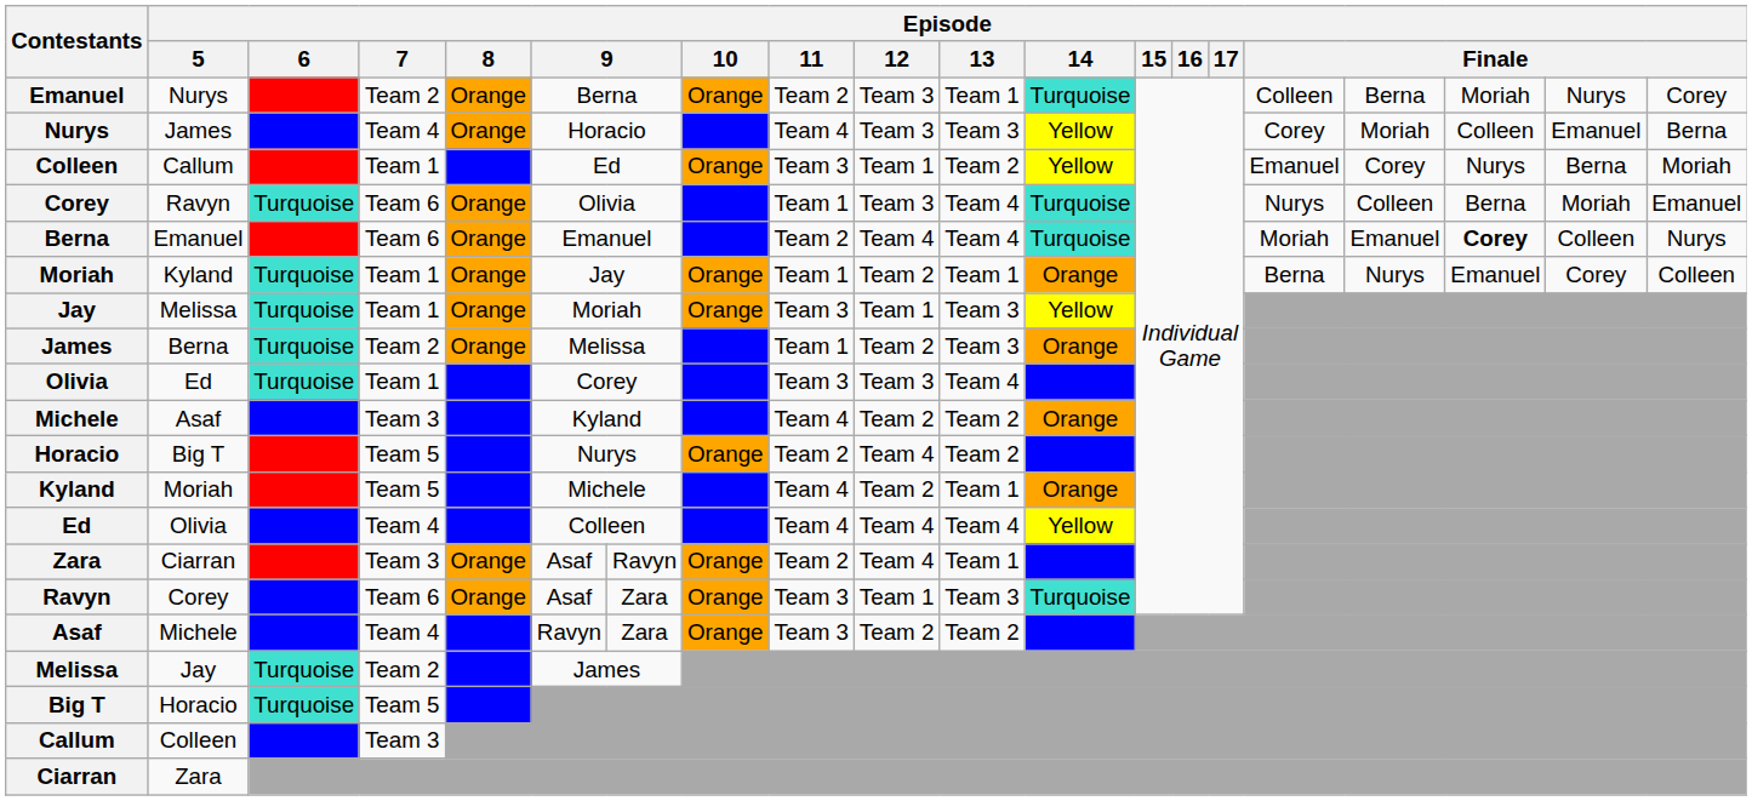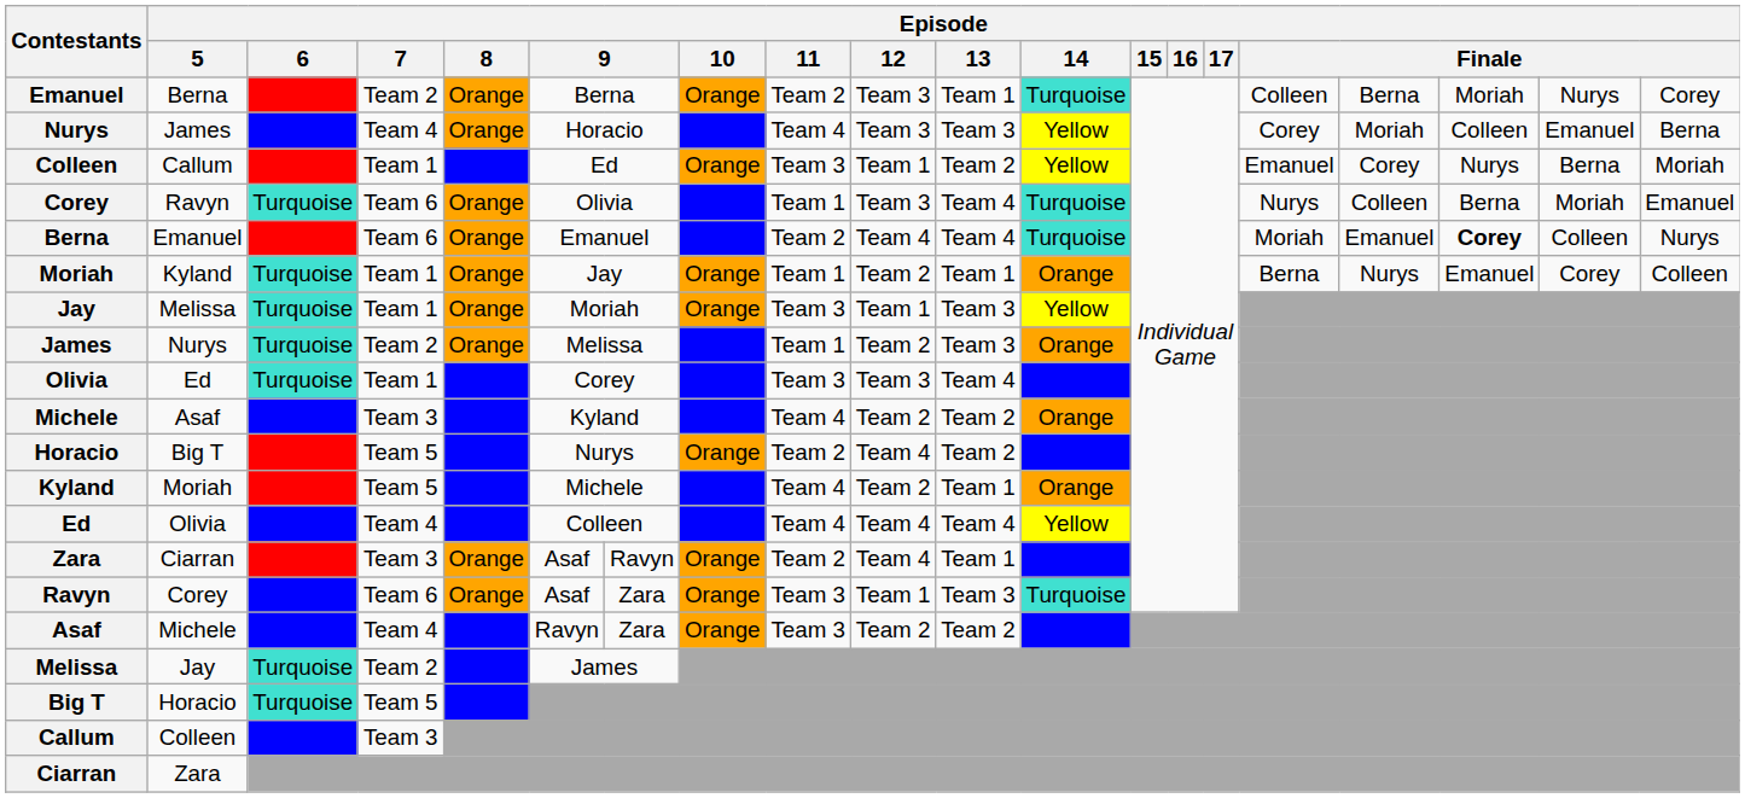 <table class="wikitable" style="text-align:center; font-size:85%; white-space:nowrap;">
 <tr>
 <th rowspan=2>Contestants</th>
 <th colspan="19">Episode</th>
 </tr>
 <tr>
 <th scope="col" style="width:50px;">5</th>
 <th scope="col" style="width:50px;">6</th>
 <th scope="col" style="width:50px;">7</th>
 <th scope="col" style="width:50px;">8</th>
 <th colspan=2 scope="col" style="width:50px;">9</th>
 <th scope="col" style="width:50px;">10</th>
 <th scope="col" style="width:50px;">11</th>
 <th scope="col" style="width:50px;">12</th>
 <th scope="col" style="width:50px;">13</th>
 <th scope="col" style="width:50px;">14</th>
 <th>15</th>
 <th>16</th>
 <th>17</th>
 <th colspan="5">Finale</th>
 </tr>
 <tr>
 <th>Emanuel</th>
-<td>Nurys</td>
+<td>Berna</td>
 <td bgcolor="red" colspan="1"></td>
 <td>Team 2</td>
 <td bgcolor="#FFA500" colspan="1">Orange</td>
 <td colspan="2">Berna</td>
 <td bgcolor="#FFA500" colspan="1">Orange</td>
 <td>Team 2</td>
 <td>Team 3</td>
 <td>Team 1</td>
 <td bgcolor="turquoise" colspan="1">Turquoise</td>
 <td rowspan="15" colspan="3"><em>Individual<br>Game</em></td>
 <td>Colleen</td>
 <td>Berna</td>
 <td>Moriah</td>
 <td>Nurys</td>
 <td>Corey</td>
 </tr>
 <tr>
 <th>Nurys</th>
 <td>James</td>
 <td bgcolor="blue" colspan="1"></td>
 <td>Team 4</td>
 <td bgcolor="#FFA500" colspan="1">Orange</td>
 <td colspan="2">Horacio</td>
 <td bgcolor="blue" colspan="1"></td>
 <td>Team 4</td>
 <td>Team 3</td>
 <td>Team 3</td>
 <td bgcolor="yellow" colspan="1">Yellow</td>
 <td>Corey</td>
 <td>Moriah</td>
 <td>Colleen</td>
 <td>Emanuel</td>
 <td>Berna</td>
 </tr>
 <tr>
 <th>Colleen</th>
 <td>Callum</td>
 <td bgcolor="red" colspan="1"></td>
 <td>Team 1</td>
 <td bgcolor="blue" colspan="1"></td>
 <td colspan="2">Ed</td>
 <td bgcolor="#FFA500" colspan="1">Orange</td>
 <td>Team 3</td>
 <td>Team 1</td>
 <td>Team 2</td>
 <td bgcolor="yellow" colspan="1">Yellow</td>
 <td>Emanuel</td>
 <td>Corey</td>
 <td>Nurys</td>
 <td>Berna</td>
 <td>Moriah</td>
 </tr>
 <tr>
 <th>Corey</th>
 <td>Ravyn</td>
 <td bgcolor="turquoise" colspan="1">Turquoise</td>
 <td>Team 6</td>
 <td bgcolor="#FFA500" colspan="1">Orange</td>
 <td colspan="2">Olivia</td>
 <td bgcolor="blue" colspan="1"></td>
 <td>Team 1</td>
 <td>Team 3</td>
 <td>Team 4</td>
 <td bgcolor="turquoise" colspan="1">Turquoise</td>
 <td>Nurys</td>
 <td>Colleen</td>
 <td>Berna</td>
 <td>Moriah</td>
 <td>Emanuel</td>
 </tr>
 <tr>
 <th>Berna</th>
 <td>Emanuel</td>
 <td bgcolor="red" colspan="1"></td>
 <td>Team 6</td>
 <td bgcolor="#FFA500" colspan="1">Orange</td>
 <td colspan="2">Emanuel</td>
 <td bgcolor="blue" colspan="1"></td>
 <td>Team 2</td>
 <td>Team 4</td>
 <td>Team 4</td>
 <td bgcolor="turquoise" colspan="1">Turquoise</td>
 <td>Moriah</td>
 <td>Emanuel</td>
 <td><strong>Corey</strong></td>
 <td>Colleen</td>
 <td>Nurys</td>
 </tr>
 <tr>
 <th>Moriah</th>
 <td>Kyland</td>
 <td bgcolor="turquoise" colspan="1">Turquoise</td>
 <td>Team 1</td>
 <td bgcolor="#FFA500" colspan="1">Orange</td>
 <td colspan="2">Jay</td>
 <td bgcolor="#FFA500" colspan="1">Orange</td>
 <td>Team 1</td>
 <td>Team 2</td>
 <td>Team 1</td>
 <td bgcolor="#FFA500" colspan="1">Orange</td>
 <td>Berna</td>
 <td>Nurys</td>
 <td>Emanuel</td>
 <td>Corey</td>
 <td>Colleen</td>
 </tr>
 <tr>
 <th>Jay</th>
 <td>Melissa</td>
 <td bgcolor="turquoise" colspan="1">Turquoise</td>
 <td>Team 1</td>
 <td bgcolor="#FFA500" colspan="1">Orange</td>
 <td colspan="2">Moriah</td>
 <td bgcolor="#FFA500" colspan="1">Orange</td>
 <td>Team 3</td>
 <td>Team 1</td>
 <td>Team 3</td>
 <td bgcolor="yellow" colspan="1">Yellow</td>
 <td colspan="5" style="background:darkgray"></td>
 </tr>
 <tr>
 <th>James</th>
-<td>Berna</td>
+<td>Nurys</td>
 <td bgcolor="turquoise" colspan="1">Turquoise</td>
 <td>Team 2</td>
 <td bgcolor="#FFA500" colspan="1">Orange</td>
 <td colspan="2">Melissa</td>
 <td bgcolor="blue" colspan="1"></td>
 <td>Team 1</td>
 <td>Team 2</td>
 <td>Team 3</td>
 <td bgcolor="#FFA500" colspan="1">Orange</td>
 <td colspan="5" style="background:darkgray"></td>
 </tr>
 <tr>
 <th>Olivia</th>
 <td>Ed</td>
 <td bgcolor="turquoise" colspan="1">Turquoise</td>
 <td>Team 1</td>
 <td bgcolor="blue" colspan="1"></td>
 <td colspan="2">Corey</td>
 <td bgcolor="blue" colspan="1"></td>
 <td>Team 3</td>
 <td>Team 3</td>
 <td>Team 4</td>
 <td bgcolor="blue" colspan="1"></td>
 <td colspan="5" style="background:darkgray"></td>
 </tr>
 <tr>
 <th>Michele</th>
 <td>Asaf</td>
 <td bgcolor="blue" colspan="1"></td>
 <td>Team 3</td>
 <td bgcolor="blue" colspan="1"></td>
 <td colspan="2">Kyland</td>
 <td bgcolor="blue" colspan="1"></td>
 <td>Team 4</td>
 <td>Team 2</td>
 <td>Team 2</td>
 <td bgcolor="#FFA500" colspan="1">Orange</td>
 <td colspan="5" style="background:darkgray"></td>
 </tr>
 <tr>
 <th>Horacio</th>
 <td>Big T</td>
 <td bgcolor="red" colspan="1"></td>
 <td>Team 5</td>
 <td bgcolor="blue" colspan="1"></td>
 <td colspan="2">Nurys</td>
 <td bgcolor="#FFA500" colspan="1">Orange</td>
 <td>Team 2</td>
 <td>Team 4</td>
 <td>Team 2</td>
 <td bgcolor="blue" colspan="1"></td>
 <td colspan="5" style="background:darkgray"></td>
 </tr>
 <tr>
 <th>Kyland</th>
 <td>Moriah</td>
 <td bgcolor="red" colspan="1"></td>
 <td>Team 5</td>
 <td bgcolor="blue" colspan="1"></td>
 <td colspan="2">Michele</td>
 <td bgcolor="blue" colspan="1"></td>
 <td>Team 4</td>
 <td>Team 2</td>
 <td>Team 1</td>
 <td bgcolor="#FFA500" colspan="1">Orange</td>
 <td colspan="5" style="background:darkgray"></td>
 </tr>
 <tr>
 <th>Ed</th>
 <td>Olivia</td>
 <td bgcolor="blue" colspan="1"></td>
 <td>Team 4</td>
 <td bgcolor="blue" colspan="1"></td>
 <td colspan="2">Colleen</td>
 <td bgcolor="blue" colspan="1"></td>
 <td>Team 4</td>
 <td>Team 4</td>
 <td>Team 4</td>
 <td bgcolor="yellow" colspan="1">Yellow</td>
 <td colspan="5" style="background:darkgray"></td>
 </tr>
 <tr>
 <th>Zara</th>
 <td>Ciarran</td>
 <td bgcolor="red" colspan="1"></td>
 <td>Team 3</td>
 <td bgcolor="#FFA500" colspan="1">Orange</td>
 <td>Asaf</td>
 <td>Ravyn</td>
 <td bgcolor="#FFA500" colspan="1">Orange</td>
 <td>Team 2</td>
 <td>Team 4</td>
 <td>Team 1</td>
 <td bgcolor="blue" colspan="1"></td>
 <td colspan="5" style="background:darkgray"></td>
 </tr>
 <tr>
 <th>Ravyn</th>
 <td>Corey</td>
 <td bgcolor="blue" colspan="1"></td>
 <td>Team 6</td>
 <td bgcolor="#FFA500" colspan="1">Orange</td>
 <td>Asaf</td>
 <td>Zara</td>
 <td bgcolor="#FFA500" colspan="1">Orange</td>
 <td>Team 3</td>
 <td>Team 1</td>
 <td>Team 3</td>
 <td bgcolor="turquoise" colspan="1">Turquoise</td>
 <td colspan="5" style="background:darkgray"></td>
 </tr>
 <tr>
 <th>Asaf</th>
 <td>Michele</td>
 <td bgcolor="blue" colspan="1"></td>
 <td>Team 4</td>
 <td bgcolor="blue" colspan="1"></td>
 <td>Ravyn</td>
 <td>Zara</td>
 <td bgcolor="#FFA500" colspan="1">Orange</td>
 <td>Team 3</td>
 <td>Team 2</td>
 <td>Team 2</td>
 <td bgcolor="blue" colspan="1"></td>
 <td colspan="8" style="background:darkgray"></td>
 </tr>
 <tr>
 <th>Melissa</th>
 <td>Jay</td>
 <td bgcolor="turquoise" colspan="1">Turquoise</td>
 <td>Team 2</td>
 <td bgcolor="blue" colspan="1"></td>
 <td colspan="2">James</td>
 <td colspan="13" style="background:darkgray"></td>
 </tr>
 <tr>
 <th>Big T</th>
 <td>Horacio</td>
 <td bgcolor="turquoise" colspan="1">Turquoise</td>
 <td>Team 5</td>
 <td bgcolor="blue" colspan="1"></td>
 <td colspan="15" style="background:darkgray"></td>
 </tr>
 <tr>
 <th>Callum</th>
 <td>Colleen</td>
 <td bgcolor="blue" colspan="1"></td>
 <td>Team 3</td>
 <td colspan="16" style="background:darkgray"></td>
 </tr>
 <tr>
 <th>Ciarran</th>
 <td>Zara</td>
 <td colspan="18" style="background:darkgray"></td>
 </tr>
 </table>
